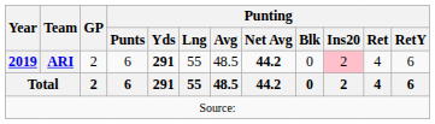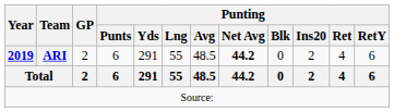 <table class="wikitable" style="text-align: center;">
 <tr>
 <th rowspan="2">Year</th>
 <th rowspan="2">Team</th>
 <th rowspan="2">GP</th>
 <th colspan="18">Punting</th>
 </tr>
 <tr>
 <th>Punts</th>
 <th>Yds</th>
 <th>Lng</th>
 <th>Avg</th>
 <th>Net Avg</th>
 <th>Blk</th>
 <th>Ins20</th>
 <th>Ret</th>
 <th>RetY</th>
 </tr>
 <tr>
 <th><a href='#'>2019</a></th>
 <th><a href='#'>ARI</a></th>
 <td>2</td>
 <td>6</td>
-<td><strong>291</strong></td>
+<td>291</td>
 <td>55</td>
 <td>48.5</td>
 <td><strong>44.2</strong></td>
 <td>0</td>
-<td style="background: pink;">2</td>
+<td>2</td>
 <td>4</td>
 <td>6</td>
 </tr>
 <tr>
 <th colspan="2">Total</th>
 <th>2</th>
 <th>6</th>
 <th>291</th>
 <th>55</th>
 <th>48.5</th>
 <th>44.2</th>
 <th>0</th>
 <th>2</th>
 <th>4</th>
 <th>6</th>
 </tr>
 <tr>
 <td colspan="12"><small>Source: </small></td>
 </tr>
 </table>
